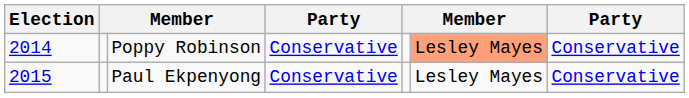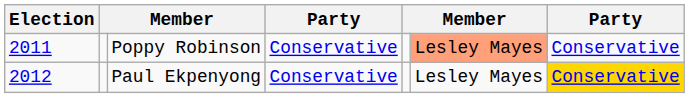 <table class="wikitable">
 <tr>
 <th>Election</th>
 <th colspan="2">Member</th>
 <th>Party</th>
 <th colspan="2">Member</th>
 <th>Party</th>
 </tr>
 <tr>
-<td><a href='#'>2014</a></td>
+<td><a href='#'>2011</a></td>
 <td style="background-color: "></td>
 <td>Poppy Robinson</td>
 <td><a href='#'>Conservative</a></td>
 <td style="background-color: "></td>
 <td style="background: lightsalmon;">Lesley Mayes</td>
 <td><a href='#'>Conservative</a></td>
 </tr>
 <tr>
-<td><a href='#'>2015</a></td>
+<td><a href='#'>2012</a></td>
 <td style="background-color: "></td>
 <td>Paul Ekpenyong</td>
 <td><a href='#'>Conservative</a></td>
 <td style="background-color: "></td>
 <td>Lesley Mayes</td>
-<td><a href='#'>Conservative</a></td>
+<td style="background: gold;"><a href='#'>Conservative</a></td>
 </tr>
 </table>
